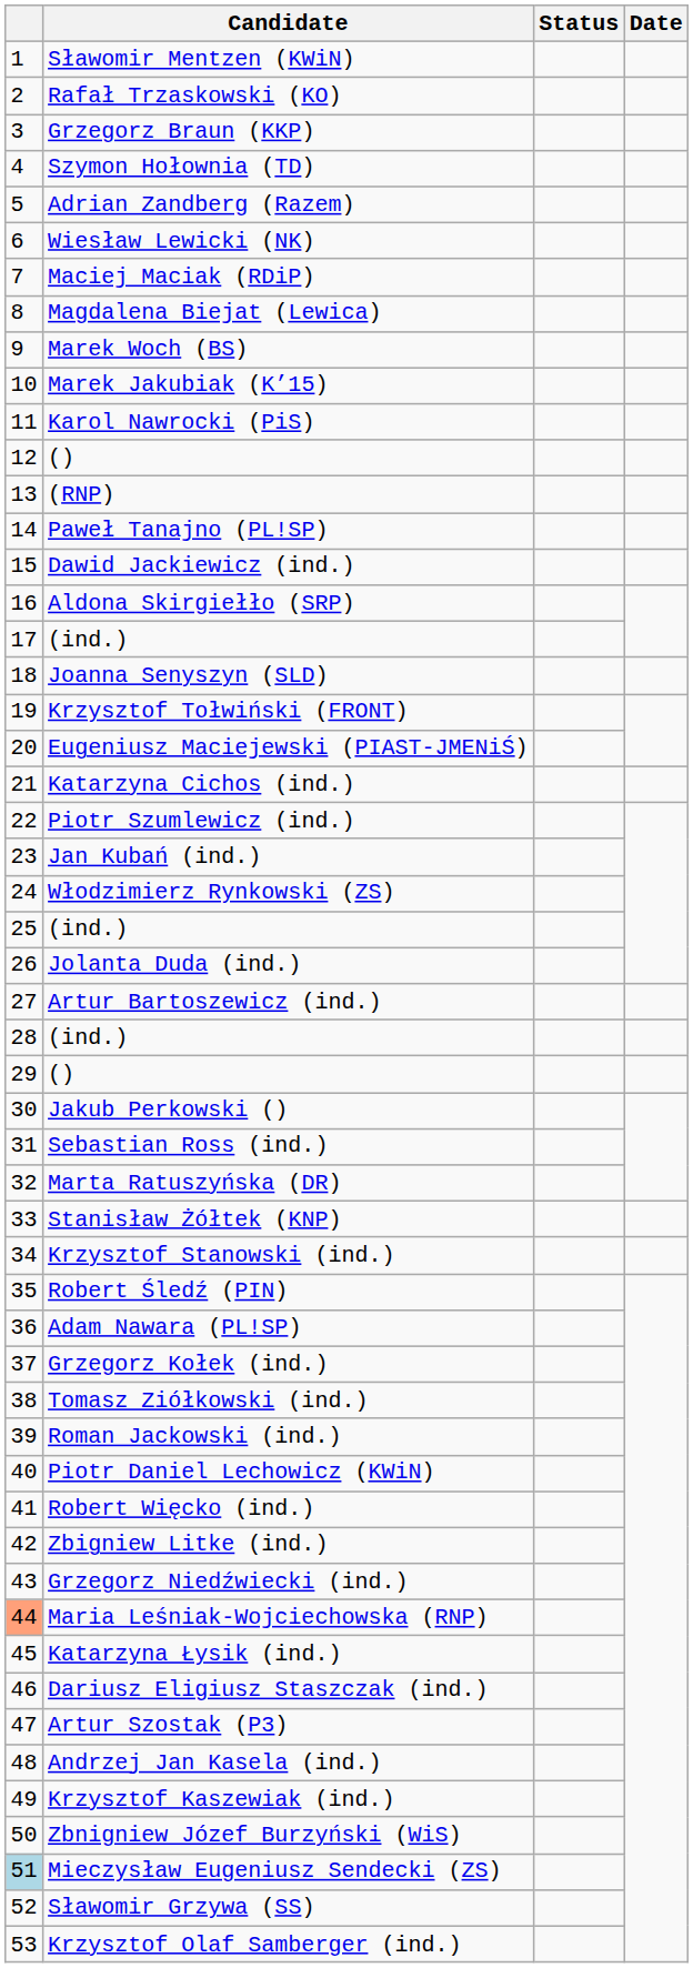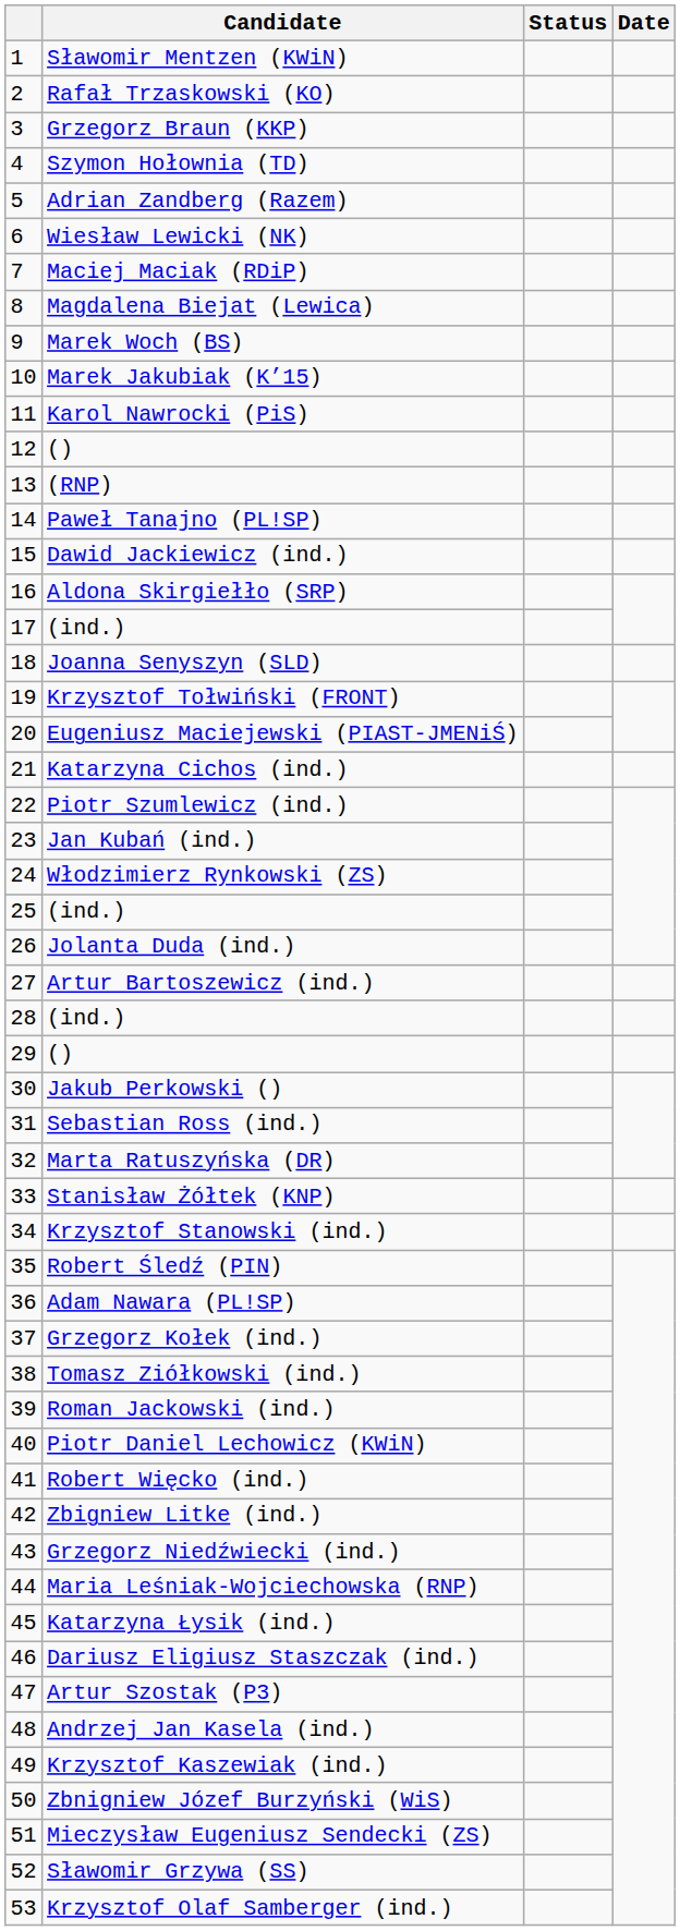 <table class="wikitable sortable mw-collapsible mw-collapsed">
 <tr>
 <th></th>
 <th>Candidate</th>
 <th>Status</th>
 <th>Date</th>
 </tr>
 <tr>
 <td>1</td>
 <td><a href='#'>Sławomir Mentzen</a> (<a href='#'>KWiN</a>)</td>
 <td></td>
 <td></td>
 </tr>
 <tr>
 <td>2</td>
 <td><a href='#'>Rafał Trzaskowski</a> (<a href='#'>KO</a>)</td>
 <td></td>
 <td></td>
 </tr>
 <tr>
 <td>3</td>
 <td><a href='#'>Grzegorz Braun</a> (<a href='#'>KKP</a>)</td>
 <td></td>
 <td></td>
 </tr>
 <tr>
 <td>4</td>
 <td><a href='#'>Szymon Hołownia</a> (<a href='#'>TD</a>)</td>
 <td></td>
 <td></td>
 </tr>
 <tr>
 <td>5</td>
 <td><a href='#'>Adrian Zandberg</a> (<a href='#'>Razem</a>)</td>
 <td></td>
 <td></td>
 </tr>
 <tr>
 <td>6</td>
 <td><a href='#'>Wiesław Lewicki</a> (<a href='#'>NK</a>)</td>
 <td></td>
 <td></td>
 </tr>
 <tr>
 <td>7</td>
 <td><a href='#'>Maciej Maciak</a> (<a href='#'>RDiP</a>)</td>
 <td></td>
 <td></td>
 </tr>
 <tr>
 <td>8</td>
 <td><a href='#'>Magdalena Biejat</a> (<a href='#'>Lewica</a>)</td>
 <td></td>
 <td></td>
 </tr>
 <tr>
 <td>9</td>
 <td><a href='#'>Marek Woch</a> (<a href='#'>BS</a>)</td>
 <td></td>
 <td></td>
 </tr>
 <tr>
 <td>10</td>
 <td><a href='#'>Marek Jakubiak</a> (<a href='#'>K’15</a>)</td>
 <td></td>
 <td></td>
 </tr>
 <tr>
 <td>11</td>
 <td><a href='#'>Karol Nawrocki</a> (<a href='#'>PiS</a>)</td>
 <td></td>
 <td></td>
 </tr>
 <tr>
 <td>12</td>
 <td> ()</td>
 <td></td>
 </tr>
 <tr>
 <td>13</td>
 <td> (<a href='#'>RNP</a>)</td>
 <td></td>
 <td></td>
 </tr>
 <tr>
 <td>14</td>
 <td><a href='#'>Paweł Tanajno</a> (<a href='#'>PL!SP</a>)</td>
 <td></td>
 <td></td>
 </tr>
 <tr>
 <td>15</td>
 <td><a href='#'>Dawid Jackiewicz</a> (ind.)</td>
 <td></td>
 <td></td>
 </tr>
 <tr>
 <td>16</td>
 <td><a href='#'>Aldona Skirgiełło</a> (<a href='#'>SRP</a>)</td>
 <td></td>
 </tr>
 <tr>
 <td>17</td>
 <td> (ind.)</td>
 <td></td>
 </tr>
 <tr>
 <td>18</td>
 <td><a href='#'>Joanna Senyszyn</a> (<a href='#'>SLD</a>)</td>
 <td></td>
 <td></td>
 </tr>
 <tr>
 <td>19</td>
 <td><a href='#'>Krzysztof Tołwiński</a> (<a href='#'>FRONT</a>)</td>
 <td></td>
 </tr>
 <tr>
 <td>20</td>
 <td><a href='#'>Eugeniusz Maciejewski</a> (<a href='#'>PIAST-JMENiŚ</a>)</td>
 <td></td>
 </tr>
 <tr>
 <td>21</td>
 <td><a href='#'>Katarzyna Cichos</a> (ind.)</td>
 <td></td>
 <td></td>
 </tr>
 <tr>
 <td>22</td>
 <td><a href='#'>Piotr Szumlewicz</a> (ind.)</td>
 <td></td>
 </tr>
 <tr>
 <td>23</td>
 <td><a href='#'>Jan Kubań</a> (ind.)</td>
 <td></td>
 </tr>
 <tr>
 <td>24</td>
 <td><a href='#'>Włodzimierz Rynkowski</a> (<a href='#'>ZS</a>)</td>
 <td></td>
 </tr>
 <tr>
 <td>25</td>
 <td> (ind.)</td>
 <td></td>
 </tr>
 <tr>
 <td>26</td>
 <td><a href='#'>Jolanta Duda</a> (ind.)</td>
 <td></td>
 </tr>
 <tr>
 <td>27</td>
 <td><a href='#'>Artur Bartoszewicz</a> (ind.)</td>
 <td></td>
 <td></td>
 </tr>
 <tr>
 <td>28</td>
 <td> (ind.)</td>
 <td></td>
 </tr>
 <tr>
 <td>29</td>
 <td> ()</td>
 <td></td>
 <td></td>
 </tr>
 <tr>
 <td>30</td>
 <td><a href='#'>Jakub Perkowski</a> ()</td>
 <td></td>
 </tr>
 <tr>
 <td>31</td>
 <td><a href='#'>Sebastian Ross</a> (ind.)</td>
 <td></td>
 </tr>
 <tr>
 <td>32</td>
 <td><a href='#'>Marta Ratuszyńska</a> (<a href='#'>DR</a>)</td>
 <td></td>
 </tr>
 <tr>
 <td>33</td>
 <td><a href='#'>Stanisław Żółtek</a> (<a href='#'>KNP</a>)</td>
 <td></td>
 <td></td>
 </tr>
 <tr>
 <td>34</td>
 <td><a href='#'>Krzysztof Stanowski</a> (ind.)</td>
 <td></td>
 <td></td>
 </tr>
 <tr>
 <td>35</td>
 <td><a href='#'>Robert Śledź</a> (<a href='#'>PIN</a>)</td>
 <td></td>
 </tr>
 <tr>
 <td>36</td>
 <td><a href='#'>Adam Nawara</a> (<a href='#'>PL!SP</a>)</td>
 <td></td>
 </tr>
 <tr>
 <td>37</td>
 <td><a href='#'>Grzegorz Kołek</a> (ind.)</td>
 <td></td>
 </tr>
 <tr>
 <td>38</td>
 <td><a href='#'>Tomasz Ziółkowski</a> (ind.)</td>
 <td></td>
 </tr>
 <tr>
 <td>39</td>
 <td><a href='#'>Roman Jackowski</a> (ind.)</td>
 <td></td>
 </tr>
 <tr>
 <td>40</td>
 <td><a href='#'>Piotr Daniel Lechowicz</a> (<a href='#'>KWiN</a>)</td>
 <td></td>
 </tr>
 <tr>
 <td>41</td>
 <td><a href='#'>Robert Więcko</a> (ind.)</td>
 <td></td>
 </tr>
 <tr>
 <td>42</td>
 <td><a href='#'>Zbigniew Litke</a> (ind.)</td>
 <td></td>
 </tr>
 <tr>
 <td>43</td>
 <td><a href='#'>Grzegorz Niedźwiecki</a> (ind.)</td>
 <td></td>
 </tr>
 <tr>
-<td style="background: lightsalmon;">44</td>
+<td>44</td>
 <td><a href='#'>Maria Leśniak-Wojciechowska</a> (<a href='#'>RNP</a>)</td>
 <td></td>
 </tr>
 <tr>
 <td>45</td>
 <td><a href='#'>Katarzyna Łysik</a> (ind.)</td>
 <td></td>
 </tr>
 <tr>
 <td>46</td>
 <td><a href='#'>Dariusz Eligiusz Staszczak</a> (ind.)</td>
 <td></td>
 </tr>
 <tr>
 <td>47</td>
 <td><a href='#'>Artur Szostak</a> (<a href='#'>P3</a>)</td>
 <td></td>
 </tr>
 <tr>
 <td>48</td>
 <td><a href='#'>Andrzej Jan Kasela</a> (ind.)</td>
 <td></td>
 </tr>
 <tr>
 <td>49</td>
 <td><a href='#'>Krzysztof Kaszewiak</a> (ind.)</td>
 <td></td>
 </tr>
 <tr>
 <td>50</td>
 <td><a href='#'>Zbnigniew Józef Burzyński</a> (<a href='#'>WiS</a>)</td>
 <td></td>
 </tr>
 <tr>
-<td style="background: lightblue;">51</td>
+<td>51</td>
 <td><a href='#'>Mieczysław Eugeniusz Sendecki</a> (<a href='#'>ZS</a>)</td>
 <td></td>
 </tr>
 <tr>
 <td>52</td>
 <td><a href='#'>Sławomir Grzywa</a> (<a href='#'>SS</a>)</td>
 <td></td>
 </tr>
 <tr>
 <td>53</td>
 <td><a href='#'>Krzysztof Olaf Samberger</a> (ind.)</td>
 <td></td>
 </tr>
 </table>
